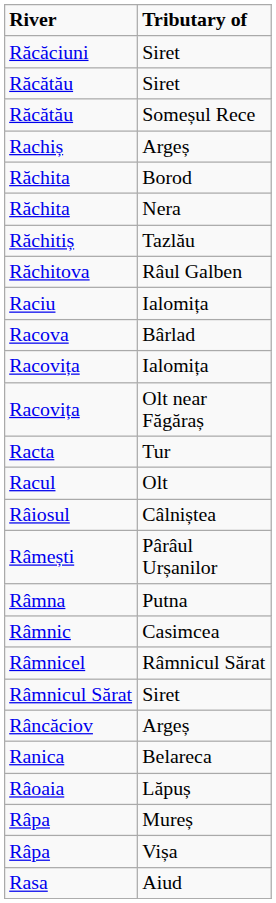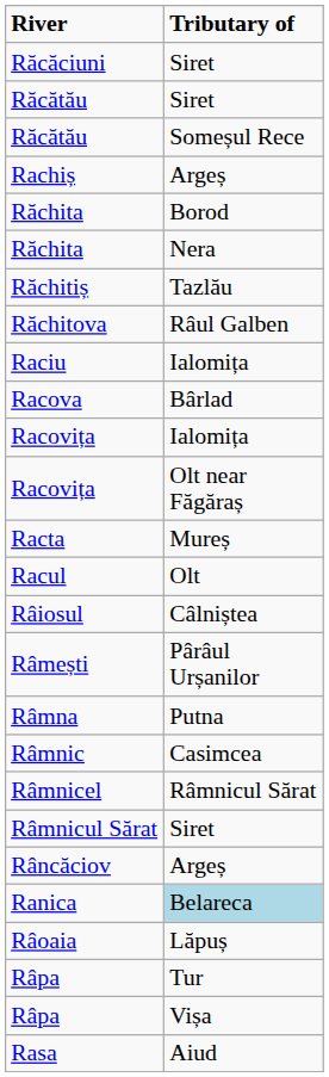 <table class="wikitable">
 <tr>
 <td width="100pt"><strong>River</strong></td>
 <td width="100pt"><strong>Tributary of</strong></td>
 </tr>
 <tr>
 <td><a href='#'>Răcăciuni</a></td>
 <td>Siret</td>
 </tr>
 <tr>
 <td><a href='#'>Răcătău</a></td>
 <td>Siret</td>
 </tr>
 <tr>
 <td><a href='#'>Răcătău</a></td>
 <td>Someșul Rece</td>
 </tr>
 <tr>
 <td><a href='#'>Rachiș</a></td>
 <td>Argeș</td>
 </tr>
 <tr>
 <td><a href='#'>Răchita</a></td>
 <td>Borod</td>
 </tr>
 <tr>
 <td><a href='#'>Răchita</a></td>
 <td>Nera</td>
 </tr>
 <tr>
 <td><a href='#'>Răchitiș</a></td>
 <td>Tazlău</td>
 </tr>
 <tr>
 <td><a href='#'>Răchitova</a></td>
 <td>Râul Galben</td>
 </tr>
 <tr>
 <td><a href='#'>Raciu</a></td>
 <td>Ialomița</td>
 </tr>
 <tr>
 <td><a href='#'>Racova</a></td>
 <td>Bârlad</td>
 </tr>
 <tr>
 <td><a href='#'>Racovița</a></td>
 <td>Ialomița</td>
 </tr>
 <tr>
 <td><a href='#'>Racovița</a></td>
 <td>Olt near Făgăraș</td>
 </tr>
 <tr>
 <td><a href='#'>Racta</a></td>
-<td>Tur</td>
+<td>Mureș</td>
 </tr>
 <tr>
 <td><a href='#'>Racul</a></td>
 <td>Olt</td>
 </tr>
 <tr>
 <td><a href='#'>Râiosul</a></td>
 <td>Câlniștea</td>
 </tr>
 <tr>
 <td><a href='#'>Râmești</a></td>
 <td>Pârâul Urșanilor</td>
 </tr>
 <tr>
 <td><a href='#'>Râmna</a></td>
 <td>Putna</td>
 </tr>
 <tr>
 <td><a href='#'>Râmnic</a></td>
 <td>Casimcea</td>
 </tr>
 <tr>
 <td><a href='#'>Râmnicel</a></td>
 <td>Râmnicul Sărat</td>
 </tr>
 <tr>
 <td><a href='#'>Râmnicul Sărat</a></td>
 <td>Siret</td>
 </tr>
 <tr>
 <td><a href='#'>Râncăciov</a></td>
 <td>Argeș</td>
 </tr>
 <tr>
 <td><a href='#'>Ranica</a></td>
-<td>Belareca</td>
+<td style="background: lightblue;">Belareca</td>
 </tr>
 <tr>
 <td><a href='#'>Râoaia</a></td>
 <td>Lăpuș</td>
 </tr>
 <tr>
 <td><a href='#'>Râpa</a></td>
-<td>Mureș</td>
+<td>Tur</td>
 </tr>
 <tr>
 <td><a href='#'>Râpa</a></td>
 <td>Vișa</td>
 </tr>
 <tr>
 <td><a href='#'>Rasa</a></td>
 <td>Aiud</td>
 </tr>
 </table>
